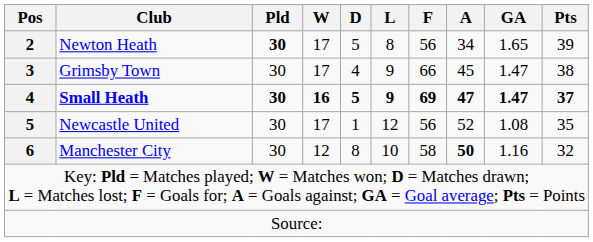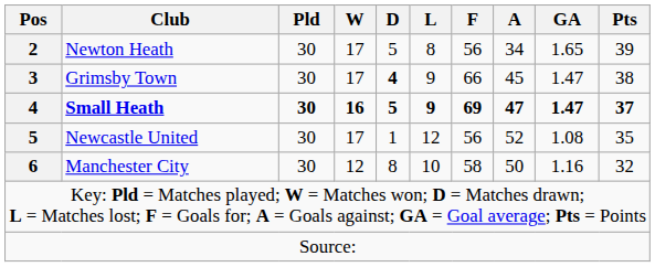 <table class="wikitable plainrowheaders" style=text-align:center>
 <tr>
 <th scope=col>Pos</th>
 <th scope=col>Club</th>
 <th scope=col>Pld</th>
 <th scope=col>W</th>
 <th scope=col>D</th>
 <th scope=col>L</th>
 <th scope=col>F</th>
 <th scope=col>A</th>
 <th scope=col>GA</th>
 <th scope=col>Pts</th>
 </tr>
 <tr>
 <th scope=row>2</th>
 <td style=text-align:left><a href='#'>Newton Heath</a></td>
-<td><strong>30</strong></td>
+<td>30</td>
 <td>17</td>
 <td>5</td>
 <td>8</td>
 <td>56</td>
 <td>34</td>
 <td>1.65</td>
 <td>39</td>
 </tr>
 <tr>
 <th scope=row>3</th>
 <td style=text-align:left><a href='#'>Grimsby Town</a></td>
 <td>30</td>
 <td>17</td>
-<td>4</td>
+<td><strong>4</strong></td>
 <td>9</td>
 <td>66</td>
 <td>45</td>
 <td>1.47</td>
 <td>38</td>
 </tr>
 <tr style=font-weight:bold>
 <th scope=row>4</th>
 <td style=text-align:left><a href='#'>Small Heath</a></td>
 <td>30</td>
 <td>16</td>
 <td>5</td>
 <td>9</td>
 <td>69</td>
 <td>47</td>
 <td>1.47</td>
 <td>37</td>
 </tr>
 <tr>
 <th scope=row>5</th>
 <td style=text-align:left><a href='#'>Newcastle United</a></td>
 <td>30</td>
 <td>17</td>
 <td>1</td>
 <td>12</td>
 <td>56</td>
 <td>52</td>
 <td>1.08</td>
 <td>35</td>
 </tr>
 <tr>
 <th scope=row>6</th>
 <td style=text-align:left><a href='#'>Manchester City</a></td>
 <td>30</td>
 <td>12</td>
 <td>8</td>
 <td>10</td>
 <td>58</td>
-<td><strong>50</strong></td>
+<td>50</td>
 <td>1.16</td>
 <td>32</td>
 </tr>
 <tr>
 <td colspan=10>Key: <strong>Pld</strong> = Matches played; <strong>W</strong> = Matches won; <strong>D</strong> = Matches drawn;<br><strong>L</strong> = Matches lost; <strong>F</strong> = Goals for; <strong>A</strong> = Goals against; <strong>GA</strong> = <a href='#'>Goal average</a>; <strong>Pts</strong> = Points</td>
 </tr>
 <tr>
 <td colspan=10>Source:</td>
 </tr>
 </table>
